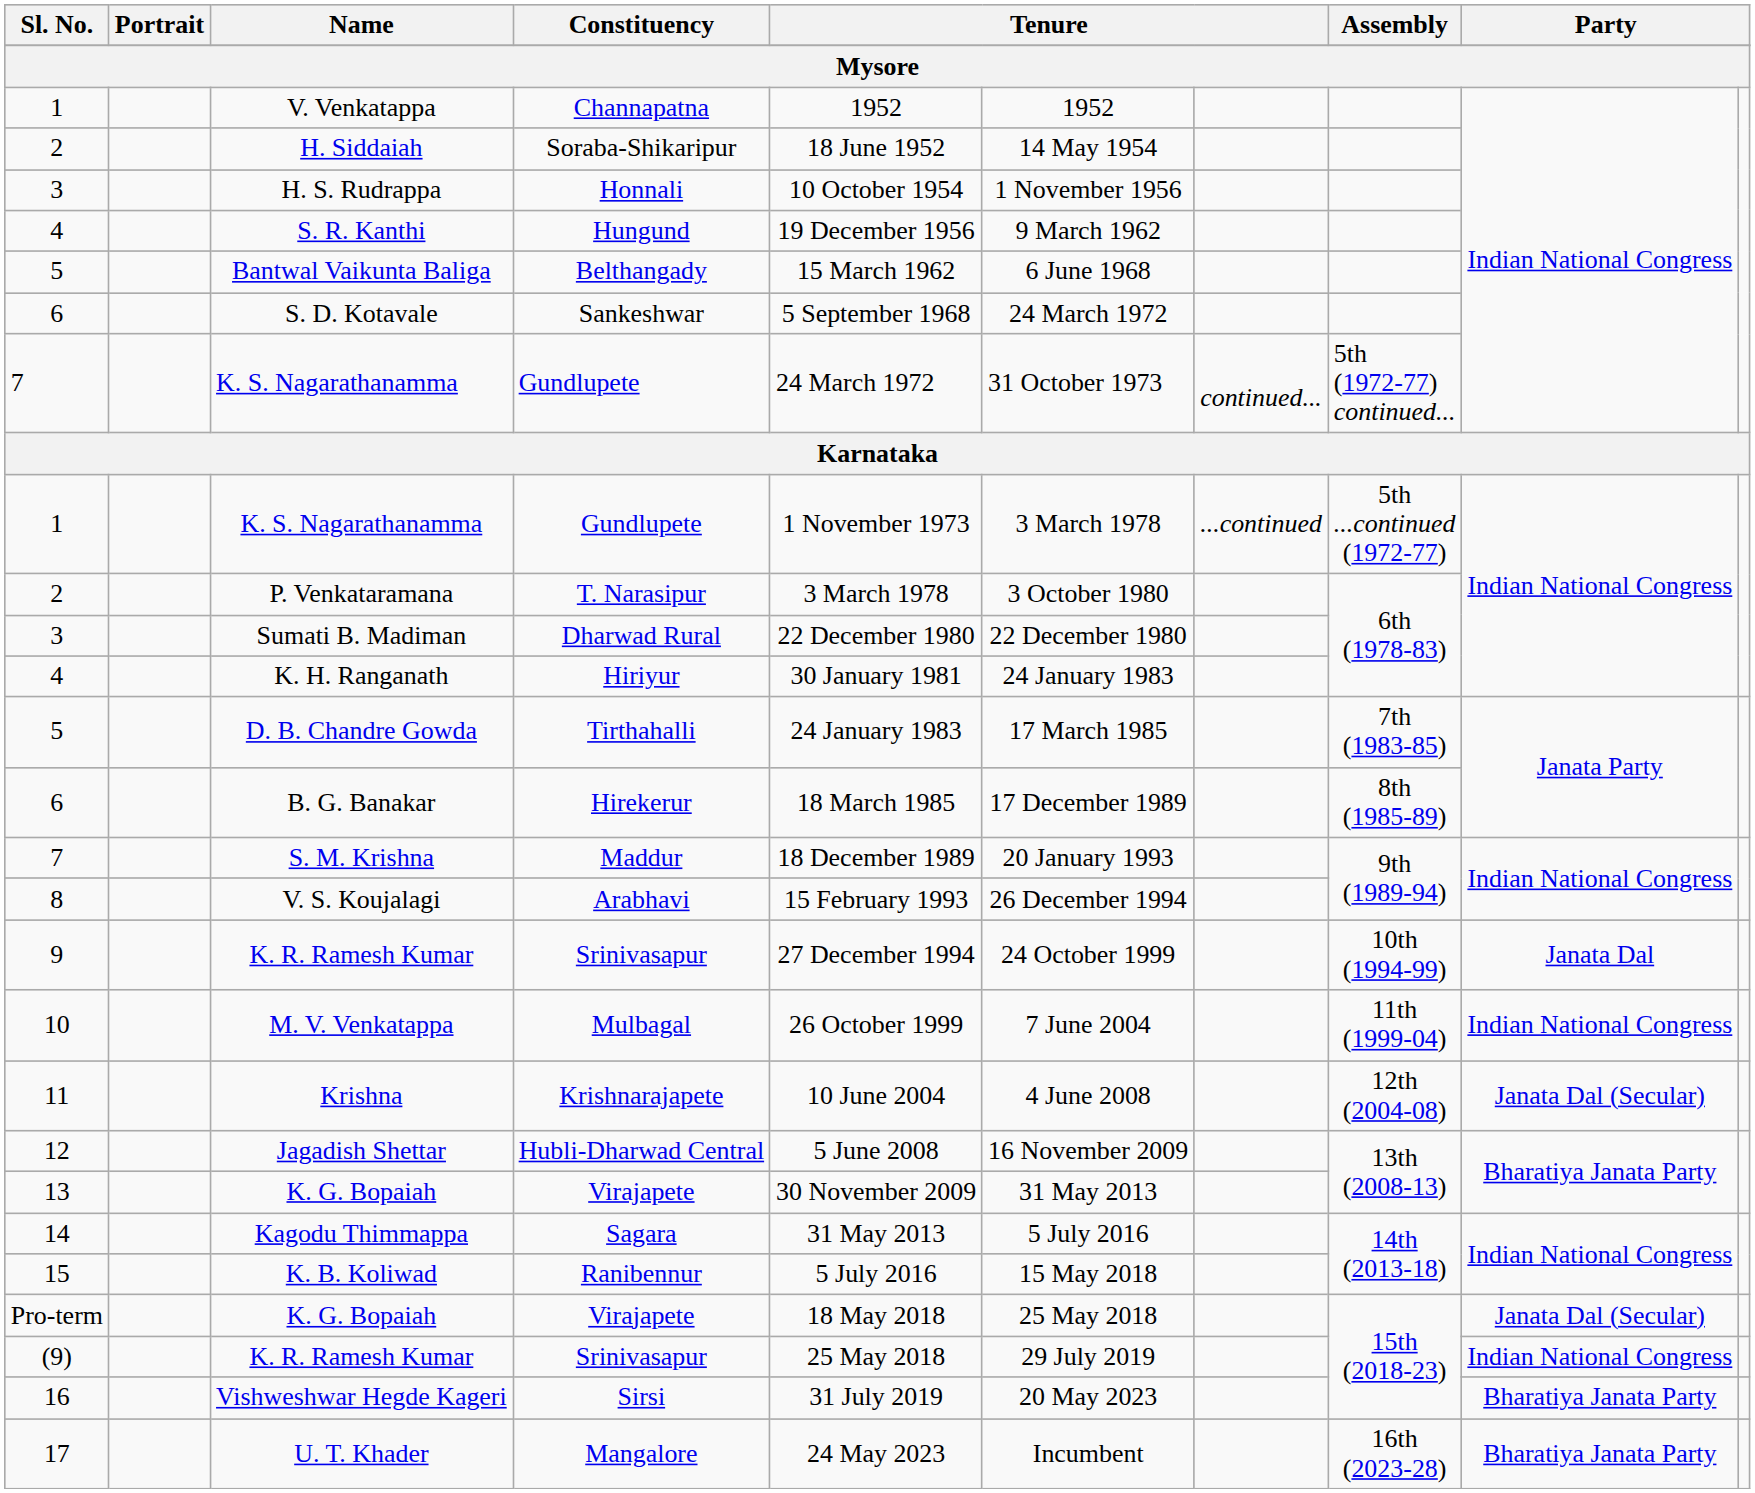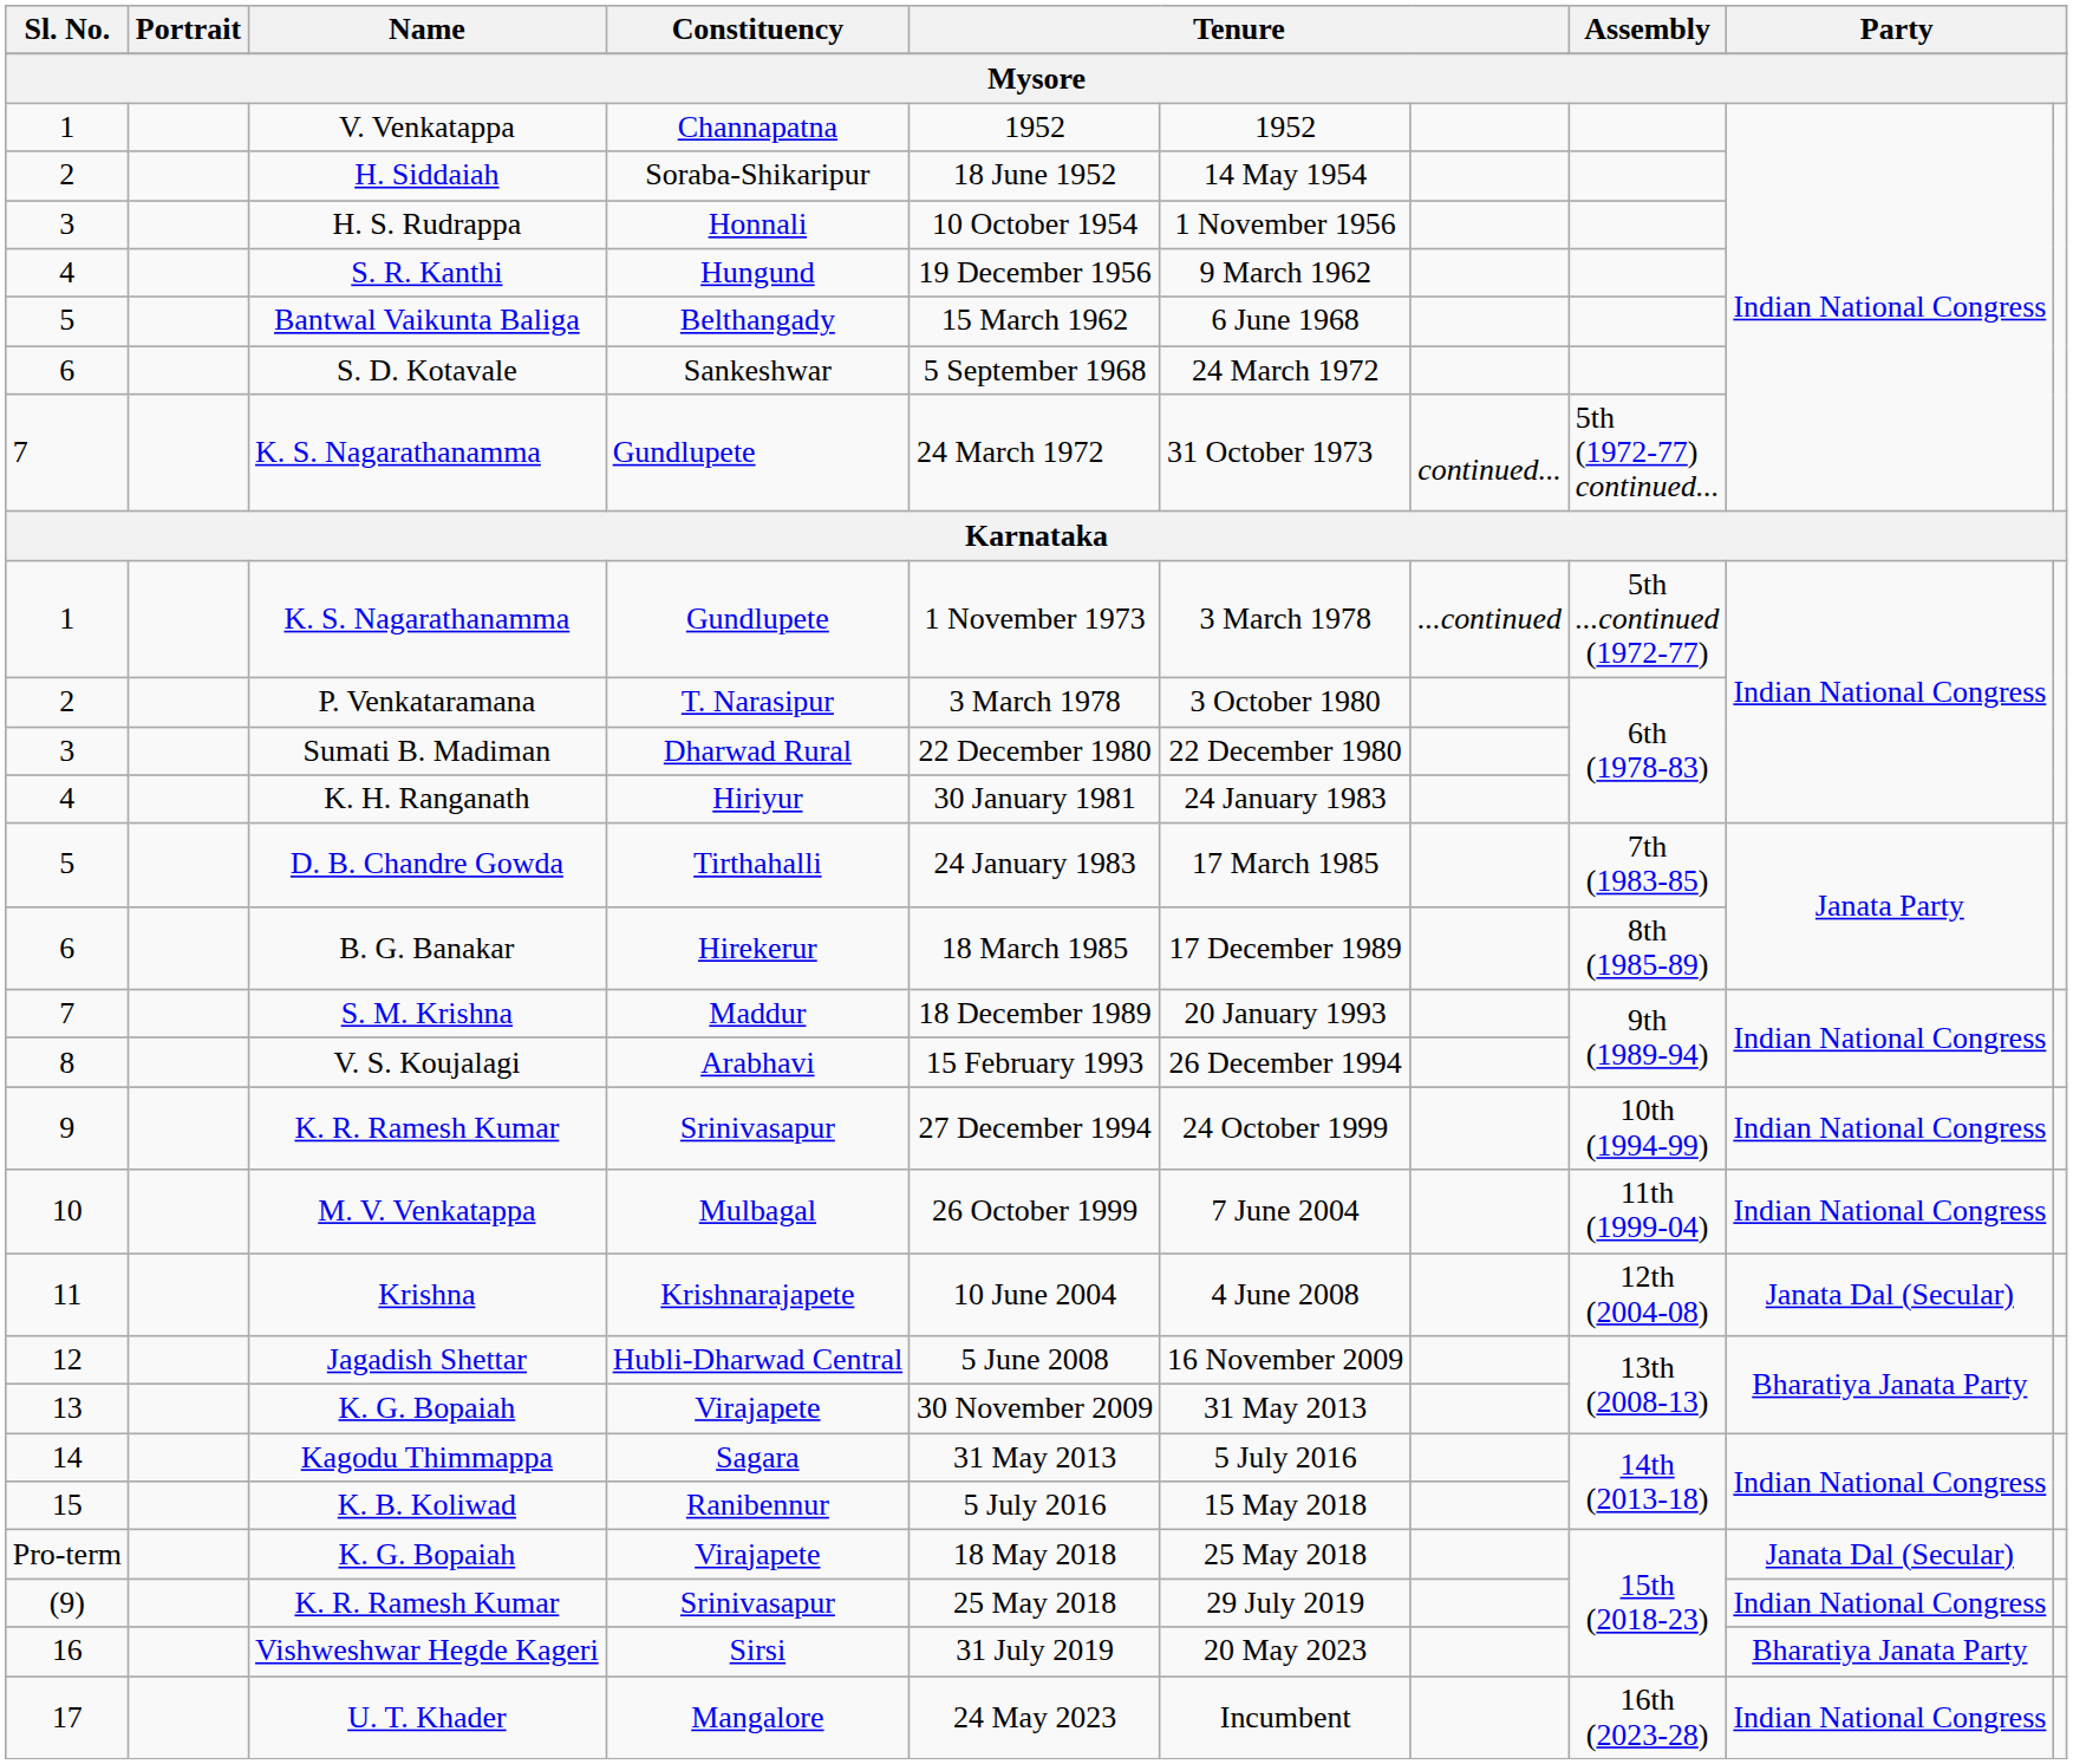 <table class="wikitable sortable">
 <tr>
 <th>Sl. No.</th>
 <th>Portrait</th>
 <th>Name</th>
 <th>Constituency</th>
 <th colspan="3">Tenure</th>
 <th>Assembly</th>
 <th colspan="2" scope="col">Party</th>
 </tr>
 <tr style="text-align:center;">
 </tr>
 <tr style="text-align:center;">
 <th colspan="10">Mysore</th>
 </tr>
 <tr style="text-align:center;">
 <td>1</td>
 <td></td>
 <td>V. Venkatappa</td>
 <td><a href='#'>Channapatna</a></td>
 <td>1952</td>
 <td>1952</td>
 <td></td>
 <td></td>
 <td rowspan="7"><a href='#'>Indian National Congress</a></td>
 <td rowspan="7" style="background-color: "></td>
 </tr>
 <tr style="text-align:center;">
 <td>2</td>
 <td></td>
 <td><a href='#'>H. Siddaiah</a></td>
 <td>Soraba-Shikaripur</td>
 <td>18 June 1952</td>
 <td>14 May 1954</td>
 <td></td>
 <td></td>
 </tr>
 <tr style="text-align:center;">
 <td>3</td>
 <td></td>
 <td>H. S. Rudrappa</td>
 <td><a href='#'>Honnali</a></td>
 <td>10 October 1954</td>
 <td>1 November 1956</td>
 <td></td>
 <td></td>
 </tr>
 <tr style="text-align:center;">
 <td>4</td>
 <td></td>
 <td><a href='#'>S. R. Kanthi</a></td>
 <td><a href='#'>Hungund</a></td>
 <td>19 December 1956</td>
 <td>9 March 1962</td>
 <td></td>
 <td></td>
 </tr>
 <tr style="text-align:center;">
 <td>5</td>
 <td></td>
 <td><a href='#'>Bantwal Vaikunta Baliga</a></td>
 <td><a href='#'>Belthangady</a></td>
 <td>15 March 1962</td>
 <td>6 June 1968</td>
 <td></td>
 <td></td>
 </tr>
 <tr style="text-align:center;">
 <td>6</td>
 <td></td>
 <td>S. D. Kotavale</td>
 <td>Sankeshwar</td>
 <td>5 September 1968</td>
 <td>24 March 1972</td>
 <td></td>
 <td></td>
 </tr>
 <tr>
 <td>7</td>
 <td></td>
 <td><a href='#'>K. S. Nagarathanamma</a></td>
 <td><a href='#'>Gundlupete</a></td>
 <td>24 March 1972</td>
 <td>31 October 1973</td>
 <td><br><em>continued...</em></td>
 <td>5th<br>(<a href='#'>1972-77</a>)<br><em>continued...</em></td>
 </tr>
 <tr style="text-align:center;">
 <th colspan="10">Karnataka</th>
 </tr>
 <tr style="text-align:center;">
 <td>1</td>
 <td></td>
 <td><a href='#'>K. S. Nagarathanamma</a></td>
 <td><a href='#'>Gundlupete</a></td>
 <td>1 November 1973</td>
 <td>3 March 1978</td>
 <td><em>...continued</em><br> </td>
 <td>5th<br><em>...continued</em><br>(<a href='#'>1972-77</a>)</td>
 <td rowspan="4"><a href='#'>Indian National Congress</a></td>
 <td rowspan="4" style="background-color: "></td>
 </tr>
 <tr style="text-align:center;">
 <td>2</td>
 <td></td>
 <td>P. Venkataramana</td>
 <td><a href='#'>T. Narasipur</a></td>
 <td>3 March 1978</td>
 <td>3 October 1980</td>
 <td></td>
 <td rowspan="3">6th<br>(<a href='#'>1978-83</a>)</td>
 </tr>
 <tr style="text-align:center;">
 <td>3</td>
 <td></td>
 <td>Sumati B. Madiman</td>
 <td><a href='#'>Dharwad Rural</a></td>
 <td>22 December 1980</td>
 <td>22 December 1980</td>
 <td></td>
 </tr>
 <tr style="text-align:center;">
 <td>4</td>
 <td></td>
 <td>K. H. Ranganath</td>
 <td><a href='#'>Hiriyur</a></td>
 <td>30 January 1981</td>
 <td>24 January 1983</td>
 <td></td>
 </tr>
 <tr style="text-align:center;">
 <td>5</td>
 <td></td>
 <td><a href='#'>D. B. Chandre Gowda</a></td>
 <td><a href='#'>Tirthahalli</a></td>
 <td>24 January 1983</td>
 <td>17 March 1985</td>
 <td></td>
 <td>7th<br>(<a href='#'>1983-85</a>)</td>
 <td rowspan="2"><a href='#'>Janata Party</a></td>
 <td rowspan="2" style="background-color: "></td>
 </tr>
 <tr style="text-align:center;">
 <td>6</td>
 <td></td>
 <td>B. G. Banakar</td>
 <td><a href='#'>Hirekerur</a></td>
 <td>18 March 1985</td>
 <td>17 December 1989</td>
 <td></td>
 <td>8th<br>(<a href='#'>1985-89</a>)</td>
 </tr>
 <tr style="text-align:center;">
 <td>7</td>
 <td></td>
 <td><a href='#'>S. M. Krishna</a></td>
 <td><a href='#'>Maddur</a></td>
 <td>18 December 1989</td>
 <td>20 January 1993</td>
 <td></td>
 <td rowspan="2">9th<br>(<a href='#'>1989-94</a>)</td>
 <td rowspan="2"><a href='#'>Indian National Congress</a></td>
 <td rowspan="2" style="background-color: "></td>
 </tr>
 <tr style="text-align:center;">
 <td>8</td>
 <td></td>
 <td>V. S. Koujalagi</td>
 <td><a href='#'>Arabhavi</a></td>
 <td>15 February 1993</td>
 <td>26 December 1994</td>
 <td></td>
 </tr>
 <tr style="text-align:center;">
 <td>9</td>
 <td></td>
 <td><a href='#'>K. R. Ramesh Kumar</a></td>
 <td><a href='#'>Srinivasapur</a></td>
 <td>27 December 1994</td>
 <td>24 October 1999</td>
 <td></td>
 <td>10th<br>(<a href='#'>1994-99</a>)</td>
-<td><a href='#'>Janata Dal</a></td>
+<td><a href='#'>Indian National Congress </a></td>
 <td style="background-color: "></td>
 </tr>
 <tr style="text-align:center;">
 <td>10</td>
 <td></td>
 <td><a href='#'>M. V. Venkatappa</a></td>
 <td><a href='#'>Mulbagal</a></td>
 <td>26 October 1999</td>
 <td>7 June 2004</td>
 <td></td>
 <td>11th<br>(<a href='#'>1999-04</a>)</td>
 <td><a href='#'>Indian National Congress</a></td>
 <td style="background-color: "></td>
 </tr>
 <tr style="text-align:center;">
 <td>11</td>
 <td></td>
 <td><a href='#'>Krishna</a></td>
 <td><a href='#'>Krishnarajapete</a></td>
 <td>10 June 2004</td>
 <td>4 June 2008</td>
 <td></td>
 <td>12th<br>(<a href='#'>2004-08</a>)</td>
 <td><a href='#'>Janata Dal (Secular)</a></td>
 <td style="background-color: "></td>
 </tr>
 <tr style="text-align:center;">
 <td>12</td>
 <td></td>
 <td><a href='#'>Jagadish Shettar</a></td>
 <td><a href='#'>Hubli-Dharwad Central</a></td>
 <td>5 June 2008</td>
 <td>16 November 2009</td>
 <td></td>
 <td rowspan="2">13th<br>(<a href='#'>2008-13</a>)</td>
 <td rowspan="2"><a href='#'>Bharatiya Janata Party</a></td>
 <td rowspan="2" style="background-color: "></td>
 </tr>
 <tr style="text-align:center;">
 <td>13</td>
 <td></td>
 <td><a href='#'>K. G. Bopaiah</a></td>
 <td><a href='#'>Virajapete</a></td>
 <td>30 November 2009</td>
 <td>31 May 2013</td>
 <td></td>
 </tr>
 <tr style="text-align:center;">
 <td>14</td>
 <td></td>
 <td><a href='#'>Kagodu Thimmappa</a></td>
 <td><a href='#'>Sagara</a></td>
 <td>31 May 2013</td>
 <td>5 July 2016</td>
 <td></td>
 <td rowspan="2"><a href='#'>14th</a><br>(<a href='#'>2013-18</a>)</td>
 <td rowspan="2"><a href='#'>Indian National Congress</a></td>
 <td rowspan="2" style="background-color: "></td>
 </tr>
 <tr style="text-align:center;">
 <td>15</td>
 <td></td>
 <td><a href='#'>K. B. Koliwad</a></td>
 <td><a href='#'>Ranibennur</a></td>
 <td>5 July 2016</td>
 <td>15 May 2018</td>
 <td></td>
 </tr>
 <tr style="text-align:center;">
 <td>Pro-term</td>
 <td></td>
 <td><a href='#'>K. G. Bopaiah</a></td>
 <td><a href='#'>Virajapete</a></td>
 <td>18 May 2018</td>
 <td>25 May 2018</td>
 <td></td>
 <td rowspan="3"><a href='#'>15th</a><br>(<a href='#'>2018-23</a>)</td>
 <td><a href='#'>Janata Dal (Secular)</a></td>
 <td style="background-color: "></td>
 </tr>
 <tr style="text-align:center;">
 <td>(9)</td>
 <td></td>
 <td><a href='#'>K. R. Ramesh Kumar</a></td>
 <td><a href='#'>Srinivasapur</a></td>
 <td>25 May 2018</td>
 <td>29 July 2019</td>
 <td></td>
 <td><a href='#'>Indian National Congress</a></td>
 <td style="background-color: "></td>
 </tr>
 <tr style="text-align:center;">
 <td>16</td>
 <td></td>
 <td><a href='#'>Vishweshwar Hegde Kageri</a></td>
 <td><a href='#'>Sirsi</a></td>
 <td>31 July 2019</td>
 <td>20 May 2023</td>
 <td></td>
 <td><a href='#'>Bharatiya Janata Party</a></td>
 <td style="background-color: "></td>
 </tr>
 <tr style="text-align:center">
 <td>17</td>
 <td></td>
 <td><a href='#'>U. T. Khader</a></td>
 <td><a href='#'>Mangalore</a></td>
 <td>24 May 2023</td>
 <td>Incumbent</td>
 <td></td>
 <td>16th<br>(<a href='#'>2023-28</a>)</td>
-<td><a href='#'>Bharatiya Janata Party</a></td>
+<td><a href='#'>Indian National Congress </a></td>
 <td style="background-color: "></td>
 </tr>
 </table>
